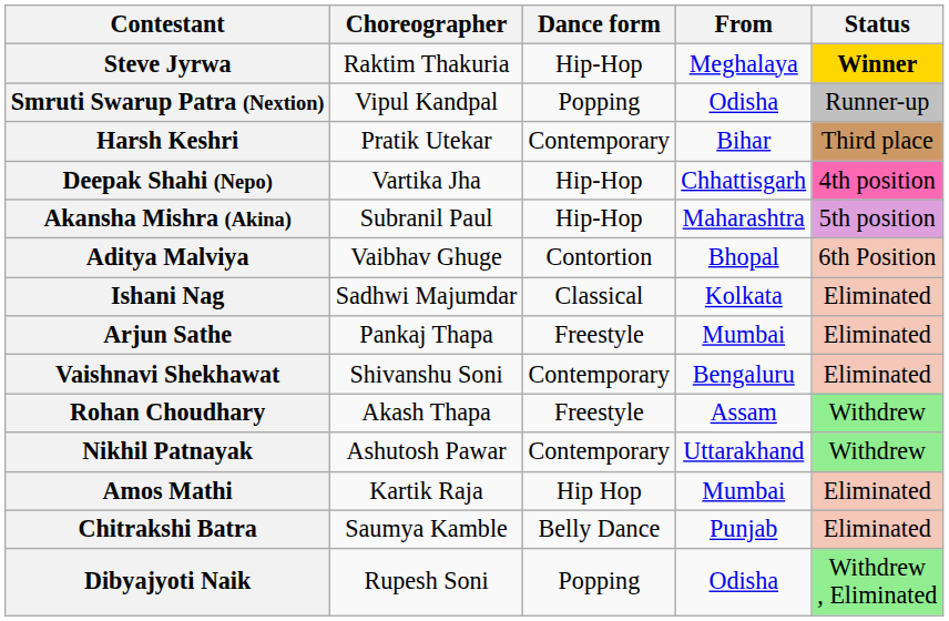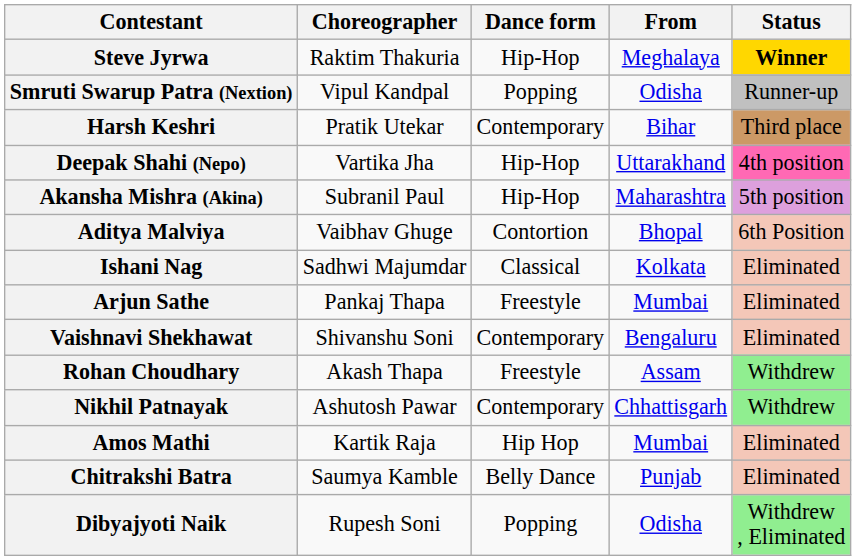 <table class="wikitable" style="text-align:center;">
 <tr>
 <th>Contestant</th>
 <th>Choreographer</th>
 <th>Dance form</th>
 <th>From</th>
 <th>Status</th>
 </tr>
 <tr>
 <th>Steve Jyrwa</th>
 <td>Raktim Thakuria</td>
 <td>Hip-Hop</td>
 <td><a href='#'>Meghalaya</a></td>
 <td style="background:gold"><strong>Winner</strong><br></td>
 </tr>
 <tr>
 <th>Smruti Swarup Patra <small>(Nextion)</small></th>
 <td>Vipul Kandpal</td>
 <td>Popping</td>
 <td><a href='#'>Odisha</a></td>
 <td style="background:silver">Runner-up<br></td>
 </tr>
 <tr>
 <th>Harsh Keshri</th>
 <td>Pratik Utekar</td>
 <td>Contemporary</td>
 <td><a href='#'>Bihar</a></td>
 <td style="background:#c96">Third place<br></td>
 </tr>
 <tr>
 <th>Deepak Shahi <small>(Nepo)</small></th>
 <td>Vartika Jha</td>
 <td>Hip-Hop</td>
-<td><a href='#'>Chhattisgarh</a></td>
+<td><a href='#'>Uttarakhand</a></td>
 <td style="background:#FF69B4;">4th position</td>
 </tr>
 <tr>
 <th>Akansha Mishra <small>(Akina)</small></th>
 <td>Subranil Paul</td>
 <td>Hip-Hop</td>
 <td><a href='#'>Maharashtra</a></td>
 <td style="background:#DDA0DD;”">5th position</td>
 </tr>
 <tr>
 <th>Aditya Malviya<br></th>
 <td>Vaibhav Ghuge</td>
 <td>Contortion</td>
 <td><a href='#'>Bhopal</a></td>
 <td style="background:#f4c7b8">6th Position</td>
 </tr>
 <tr>
 <th>Ishani Nag </th>
 <td>Sadhwi Majumdar</td>
 <td>Classical</td>
 <td><a href='#'>Kolkata</a></td>
 <td style="background:#f4c7b8">Eliminated<br></td>
 </tr>
 <tr>
 <th>Arjun Sathe</th>
 <td>Pankaj Thapa</td>
 <td>Freestyle</td>
 <td><a href='#'>Mumbai</a></td>
 <td style="background:#f4c7b8">Eliminated<br></td>
 </tr>
 <tr>
 <th>Vaishnavi Shekhawat</th>
 <td>Shivanshu Soni<br><em></em></td>
 <td>Contemporary</td>
 <td><a href='#'>Bengaluru</a></td>
 <td style="background:#f4c7b8">Eliminated<br></td>
 </tr>
 <tr>
 <th>Rohan Choudhary</th>
 <td>Akash Thapa</td>
 <td>Freestyle</td>
 <td><a href='#'>Assam</a></td>
 <td style="background:lightgreen">Withdrew<br></td>
 </tr>
 <tr>
 <th>Nikhil Patnayak</th>
 <td>Ashutosh Pawar</td>
 <td>Contemporary</td>
-<td><a href='#'>Uttarakhand</a></td>
+<td><a href='#'>Chhattisgarh</a></td>
 <td style="background:lightgreen">Withdrew<br></td>
 </tr>
 <tr>
 <th>Amos Mathi</th>
 <td>Kartik Raja</td>
 <td>Hip Hop</td>
 <td><a href='#'>Mumbai</a></td>
 <td style="background:#f4c7b8">Eliminated<br></td>
 </tr>
 <tr>
 <th>Chitrakshi Batra</th>
 <td>Saumya Kamble<br></td>
 <td>Belly Dance</td>
 <td><a href='#'>Punjab</a></td>
 <td style="background:#f4c7b8">Eliminated<br></td>
 </tr>
 <tr>
 <th>Dibyajyoti Naik</th>
 <td>Rupesh Soni</td>
 <td>Popping</td>
 <td><a href='#'>Odisha</a></td>
 <td style="background:lightgreen">Withdrew<br>, Eliminated<br></td>
 </tr>
 </table>
